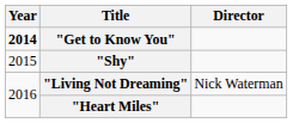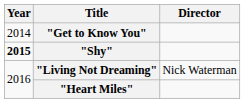 <table class="wikitable plainrowheaders" style="text-align:center;" border="1">
 <tr>
 <th scope="col">Year</th>
 <th scope="col">Title</th>
 <th scope="col">Director</th>
 </tr>
 <tr>
-<td><strong>2014</strong></td>
+<td>2014</td>
 <th scope="row">"Get to Know You"</th>
 <td></td>
 </tr>
 <tr>
-<td>2015</td>
+<td><strong>2015</strong></td>
 <th scope="row">"Shy"</th>
 <td></td>
 </tr>
 <tr>
 <td rowspan="2">2016</td>
 <th scope="row">"Living Not Dreaming"</th>
 <td>Nick Waterman</td>
 </tr>
 <tr>
 <th scope="row">"Heart Miles"</th>
 <td></td>
 </tr>
 </table>
